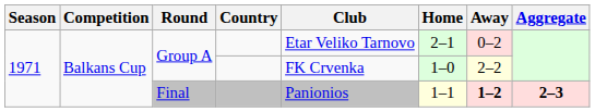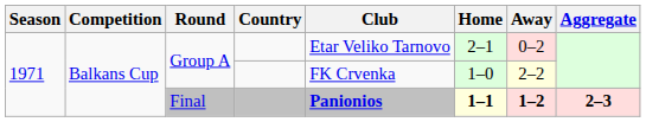 <table class="wikitable">
 <tr>
 <th>Season</th>
 <th>Competition</th>
 <th>Round</th>
 <th>Country</th>
 <th>Club</th>
 <th>Home</th>
 <th>Away</th>
 <th><a href='#'>Aggregate</a></th>
 </tr>
 <tr>
 <td rowspan="3"><a href='#'>1971</a></td>
 <td rowspan="3"><a href='#'>Balkans Cup</a></td>
 <td rowspan="2"><a href='#'>Group A</a></td>
 <td></td>
 <td><a href='#'>Etar Veliko Tarnovo</a></td>
 <td style="text-align:center; background:#dfd;">2–1</td>
 <td style="text-align:center; background:#fdd;">0–2</td>
 <td rowspan=2 style="text-align:center; background:#dfd;"></td>
 </tr>
 <tr>
 <td></td>
 <td><a href='#'>FK Crvenka</a></td>
 <td style="text-align:center; background:#dfd;">1–0</td>
 <td style="text-align:center; background:#ffd;">2–2</td>
 </tr>
 <tr>
 <td style="background:silver;"><a href='#'>Final</a></td>
 <td style="background:silver;"></td>
-<td style="background:silver;"><a href='#'>Panionios</a></td>
-<td style="text-align:center; background:#ffd;">1–1</td>
+<td style="background:silver;"><strong><a href='#'>Panionios</a></strong></td>
+<td style="text-align:center; background:#ffd;"><strong>1–1</strong></td>
 <td style="text-align:center; background:#fdd;"><strong>1–2</strong></td>
 <td style="text-align:center; background:#fdd;"><strong>2–3</strong></td>
 </tr>
 </table>
